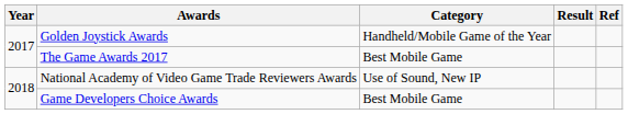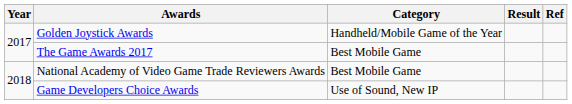 <table class="wikitable">
 <tr>
 <th>Year</th>
 <th>Awards</th>
 <th>Category</th>
 <th>Result</th>
 <th>Ref</th>
 </tr>
 <tr>
 <td rowspan="2" style="text-align:center;">2017</td>
 <td rowspan="1"><a href='#'>Golden Joystick Awards</a></td>
 <td>Handheld/Mobile Game of the Year</td>
 <td></td>
 <td rowspan="1" style="text-align:center;"></td>
 </tr>
 <tr>
 <td rowspan="1"><a href='#'>The Game Awards 2017</a></td>
 <td>Best Mobile Game</td>
 <td></td>
 <td rowspan="1" style="text-align:center;"></td>
 </tr>
 <tr>
 <td rowspan="2" style="text-align:center;">2018</td>
 <td rowspan="1">National Academy of Video Game Trade Reviewers Awards</td>
-<td>Use of Sound, New IP</td>
+<td>Best Mobile Game</td>
 <td></td>
 <td rowspan="1" style="text-align:center;"></td>
 </tr>
 <tr>
 <td rowspan="1"><a href='#'>Game Developers Choice Awards</a></td>
-<td>Best Mobile Game</td>
+<td>Use of Sound, New IP</td>
 <td></td>
 <td rowspan="1" style="text-align:center;"></td>
 </tr>
 </table>
